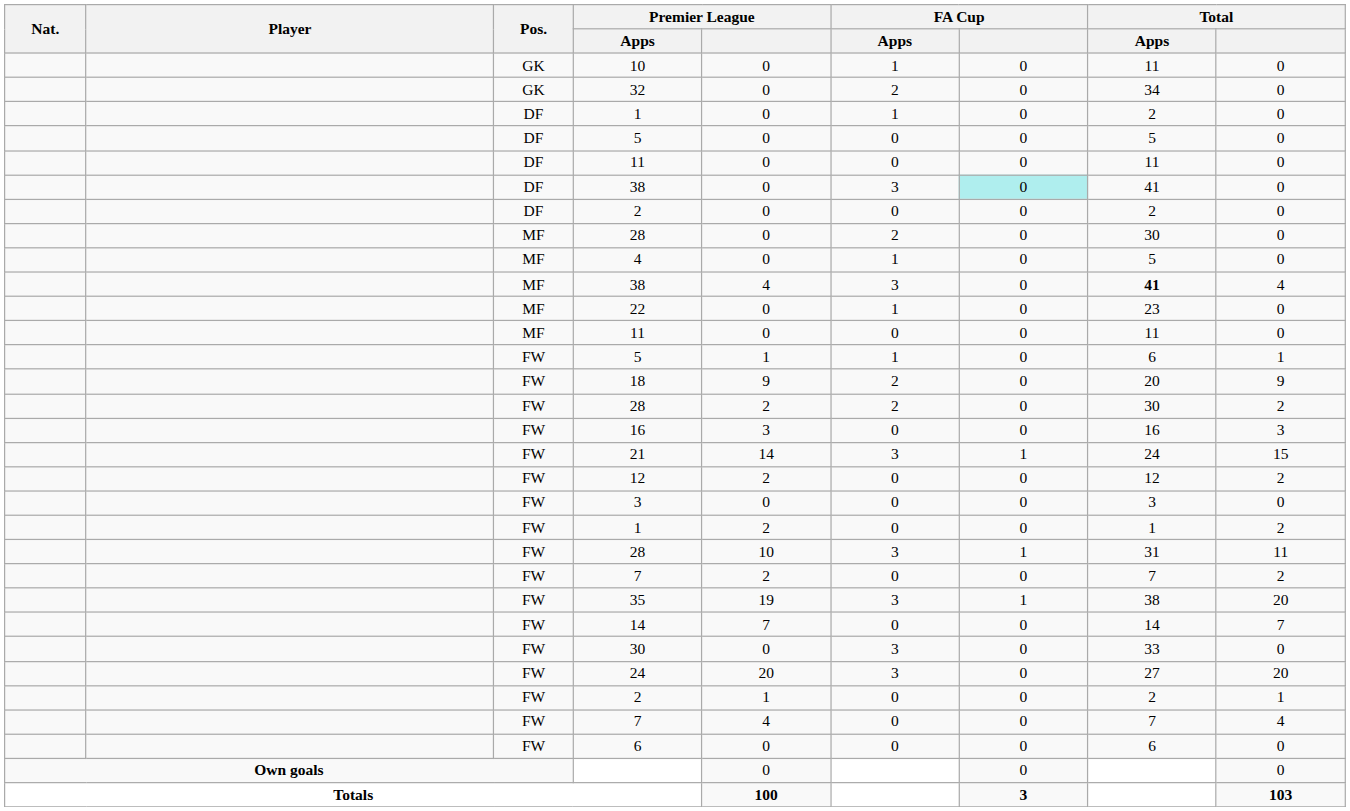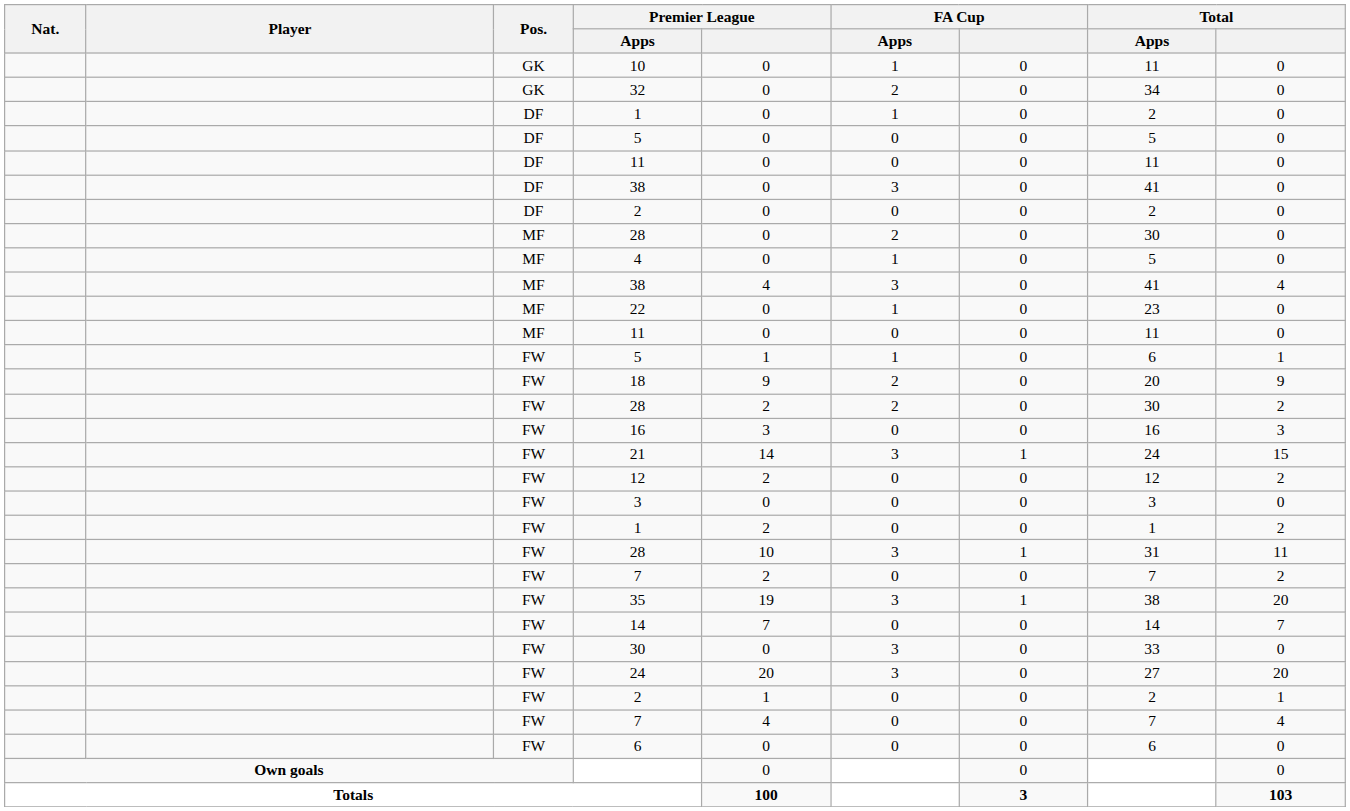 <table class="wikitable sortable alternance"  style="font-size:80%; text-align:center; line-height:14px; width:70%;">
 <tr>
 <th rowspan="2" style="width:10px;">Nat.</th>
 <th rowspan="2" width=140>Player</th>
 <th rowspan="2" style="width:10px;">Pos.</th>
 <th colspan="2">Premier League</th>
 <th colspan="2">FA Cup</th>
 <th colspan="2">Total</th>
 </tr>
 <tr style="text-align:center;">
 <th width=40>Apps</th>
 <th width=40></th>
 <th width=40>Apps</th>
 <th width=40></th>
 <th width=40>Apps</th>
 <th width=40></th>
 </tr>
 <tr>
 <td></td>
 <td></td>
 <td>GK</td>
 <td>10</td>
 <td>0</td>
 <td>1</td>
 <td>0</td>
 <td>11</td>
 <td>0</td>
 </tr>
 <tr>
 <td></td>
 <td></td>
 <td>GK</td>
 <td>32</td>
 <td>0</td>
 <td>2</td>
 <td>0</td>
 <td>34</td>
 <td>0</td>
 </tr>
 <tr>
 <td></td>
 <td></td>
 <td>DF</td>
 <td>1</td>
 <td>0</td>
 <td>1</td>
 <td>0</td>
 <td>2</td>
 <td>0</td>
 </tr>
 <tr>
 <td></td>
 <td></td>
 <td>DF</td>
 <td>5</td>
 <td>0</td>
 <td>0</td>
 <td>0</td>
 <td>5</td>
 <td>0</td>
 </tr>
 <tr>
 <td></td>
 <td></td>
 <td>DF</td>
 <td>11</td>
 <td>0</td>
 <td>0</td>
 <td>0</td>
 <td>11</td>
 <td>0</td>
 </tr>
 <tr>
 <td></td>
 <td></td>
 <td>DF</td>
 <td>38</td>
 <td>0</td>
 <td>3</td>
-<td style="background: paleturquoise;">0</td>
+<td>0</td>
 <td>41</td>
 <td>0</td>
 </tr>
 <tr>
 <td></td>
 <td></td>
 <td>DF</td>
 <td>2</td>
 <td>0</td>
 <td>0</td>
 <td>0</td>
 <td>2</td>
 <td>0</td>
 </tr>
 <tr>
 <td></td>
 <td></td>
 <td>MF</td>
 <td>28</td>
 <td>0</td>
 <td>2</td>
 <td>0</td>
 <td>30</td>
 <td>0</td>
 </tr>
 <tr>
 <td></td>
 <td></td>
 <td>MF</td>
 <td>4</td>
 <td>0</td>
 <td>1</td>
 <td>0</td>
 <td>5</td>
 <td>0</td>
 </tr>
 <tr>
 <td></td>
 <td></td>
 <td>MF</td>
 <td>38</td>
 <td>4</td>
 <td>3</td>
 <td>0</td>
-<td><strong>41</strong></td>
+<td>41</td>
 <td>4</td>
 </tr>
 <tr>
 <td></td>
 <td></td>
 <td>MF</td>
 <td>22</td>
 <td>0</td>
 <td>1</td>
 <td>0</td>
 <td>23</td>
 <td>0</td>
 </tr>
 <tr>
 <td></td>
 <td></td>
 <td>MF</td>
 <td>11</td>
 <td>0</td>
 <td>0</td>
 <td>0</td>
 <td>11</td>
 <td>0</td>
 </tr>
 <tr>
 <td></td>
 <td></td>
 <td>FW</td>
 <td>5</td>
 <td>1</td>
 <td>1</td>
 <td>0</td>
 <td>6</td>
 <td>1</td>
 </tr>
 <tr>
 <td></td>
 <td></td>
 <td>FW</td>
 <td>18</td>
 <td>9</td>
 <td>2</td>
 <td>0</td>
 <td>20</td>
 <td>9</td>
 </tr>
 <tr>
 <td></td>
 <td></td>
 <td>FW</td>
 <td>28</td>
 <td>2</td>
 <td>2</td>
 <td>0</td>
 <td>30</td>
 <td>2</td>
 </tr>
 <tr>
 <td></td>
 <td></td>
 <td>FW</td>
 <td>16</td>
 <td>3</td>
 <td>0</td>
 <td>0</td>
 <td>16</td>
 <td>3</td>
 </tr>
 <tr>
 <td></td>
 <td></td>
 <td>FW</td>
 <td>21</td>
 <td>14</td>
 <td>3</td>
 <td>1</td>
 <td>24</td>
 <td>15</td>
 </tr>
 <tr>
 <td></td>
 <td></td>
 <td>FW</td>
 <td>12</td>
 <td>2</td>
 <td>0</td>
 <td>0</td>
 <td>12</td>
 <td>2</td>
 </tr>
 <tr>
 <td></td>
 <td></td>
 <td>FW</td>
 <td>3</td>
 <td>0</td>
 <td>0</td>
 <td>0</td>
 <td>3</td>
 <td>0</td>
 </tr>
 <tr>
 <td></td>
 <td></td>
 <td>FW</td>
 <td>1</td>
 <td>2</td>
 <td>0</td>
 <td>0</td>
 <td>1</td>
 <td>2</td>
 </tr>
 <tr>
 <td></td>
 <td></td>
 <td>FW</td>
 <td>28</td>
 <td>10</td>
 <td>3</td>
 <td>1</td>
 <td>31</td>
 <td>11</td>
 </tr>
 <tr>
 <td></td>
 <td></td>
 <td>FW</td>
 <td>7</td>
 <td>2</td>
 <td>0</td>
 <td>0</td>
 <td>7</td>
 <td>2</td>
 </tr>
 <tr>
 <td></td>
 <td></td>
 <td>FW</td>
 <td>35</td>
 <td>19</td>
 <td>3</td>
 <td>1</td>
 <td>38</td>
 <td>20</td>
 </tr>
 <tr>
 <td></td>
 <td></td>
 <td>FW</td>
 <td>14</td>
 <td>7</td>
 <td>0</td>
 <td>0</td>
 <td>14</td>
 <td>7</td>
 </tr>
 <tr>
 <td></td>
 <td></td>
 <td>FW</td>
 <td>30</td>
 <td>0</td>
 <td>3</td>
 <td>0</td>
 <td>33</td>
 <td>0</td>
 </tr>
 <tr>
 <td></td>
 <td></td>
 <td>FW</td>
 <td>24</td>
 <td>20</td>
 <td>3</td>
 <td>0</td>
 <td>27</td>
 <td>20</td>
 </tr>
 <tr>
 <td></td>
 <td></td>
 <td>FW</td>
 <td>2</td>
 <td>1</td>
 <td>0</td>
 <td>0</td>
 <td>2</td>
 <td>1</td>
 </tr>
 <tr>
 <td></td>
 <td></td>
 <td>FW</td>
 <td>7</td>
 <td>4</td>
 <td>0</td>
 <td>0</td>
 <td>7</td>
 <td>4</td>
 </tr>
 <tr>
 <td></td>
 <td></td>
 <td>FW</td>
 <td>6</td>
 <td>0</td>
 <td>0</td>
 <td>0</td>
 <td>6</td>
 <td>0</td>
 </tr>
 <tr class="sortbottom">
 <td colspan="3"><strong>Own goals</strong></td>
 <td ! style="background:white; text-align: center;"></td>
 <td>0</td>
 <td ! style="background:white; text-align: center;"></td>
 <td>0</td>
 <td ! style="background:white; text-align: center;"></td>
 <td>0</td>
 </tr>
 <tr class="sortbottom">
 <td colspan="4"  style="background:white; text-align: center;"><strong>Totals</strong></td>
 <td><strong>100</strong></td>
 <td ! rowspan="2" style="background:white; text-align: center;"></td>
 <td><strong>3</strong></td>
 <td ! rowspan="2" style="background:white; text-align: center;"></td>
 <td><strong>103</strong></td>
 </tr>
 </table>
